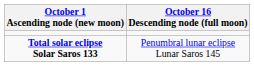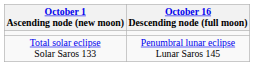 <table class="wikitable">
 <tr>
 <th><a href='#'>October 1</a><br>Ascending node (new moon)</th>
 <th><a href='#'>October 16</a><br>Descending node (full moon)</th>
 </tr>
 <tr>
 <td></td>
 <td></td>
 </tr>
 <tr align=center>
-<td><strong><a href='#'>Total solar eclipse</a><br>Solar Saros 133</strong></td>
+<td><a href='#'>Total solar eclipse</a><br>Solar Saros 133</td>
 <td><a href='#'>Penumbral lunar eclipse</a><br>Lunar Saros 145</td>
 </tr>
 </table>
